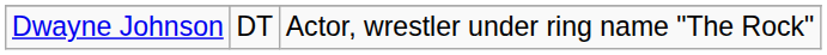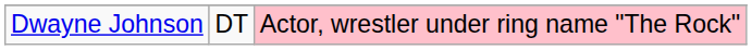 <table class="wikitable" style="text-align:center">
 <tr>
 </tr>
 <tr>
 <td><a href='#'>Dwayne Johnson</a></td>
 <td>DT</td>
-<td>Actor, wrestler under ring name "The Rock"</td>
+<td style="background: pink;">Actor, wrestler under ring name "The Rock"</td>
 </tr>
 </table>
